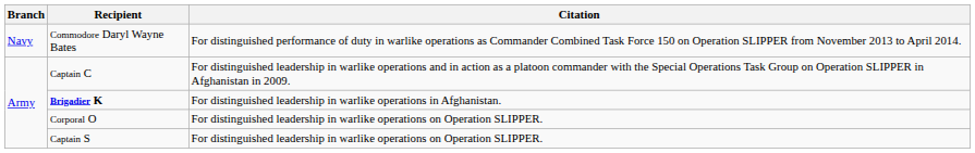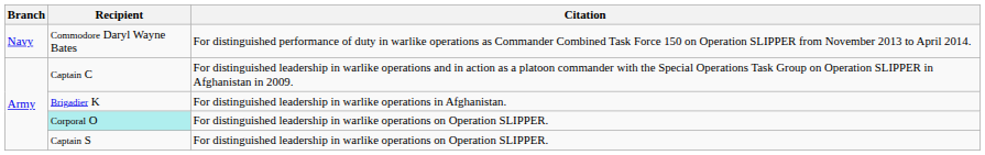 <table class="wikitable" style="font-size:95%;">
 <tr>
 <th>Branch</th>
 <th>Recipient</th>
 <th>Citation</th>
 </tr>
 <tr>
 <td><a href='#'>Navy</a></td>
 <td><small>Commodore</small> Daryl Wayne Bates </td>
 <td>For distinguished performance of duty in warlike operations as Commander Combined Task Force 150 on Operation SLIPPER from November 2013 to April 2014.</td>
 </tr>
 <tr>
 <td rowspan="4"><a href='#'>Army</a></td>
 <td><small>Captain</small> C</td>
 <td>For distinguished leadership in warlike operations and in action as a platoon commander with the Special Operations Task Group on Operation SLIPPER in Afghanistan in 2009.</td>
 </tr>
 <tr>
-<td><strong><small><a href='#'>Brigadier</a></small> K</strong></td>
+<td><small><a href='#'>Brigadier</a></small> K</td>
 <td>For distinguished leadership in warlike operations in Afghanistan.</td>
 </tr>
 <tr>
-<td><small>Corporal</small> O</td>
+<td style="background: paleturquoise;"><small>Corporal</small> O</td>
 <td>For distinguished leadership in warlike operations on Operation SLIPPER.</td>
 </tr>
 <tr>
 <td><small>Captain</small> S</td>
 <td>For distinguished leadership in warlike operations on Operation SLIPPER.</td>
 </tr>
 </table>
